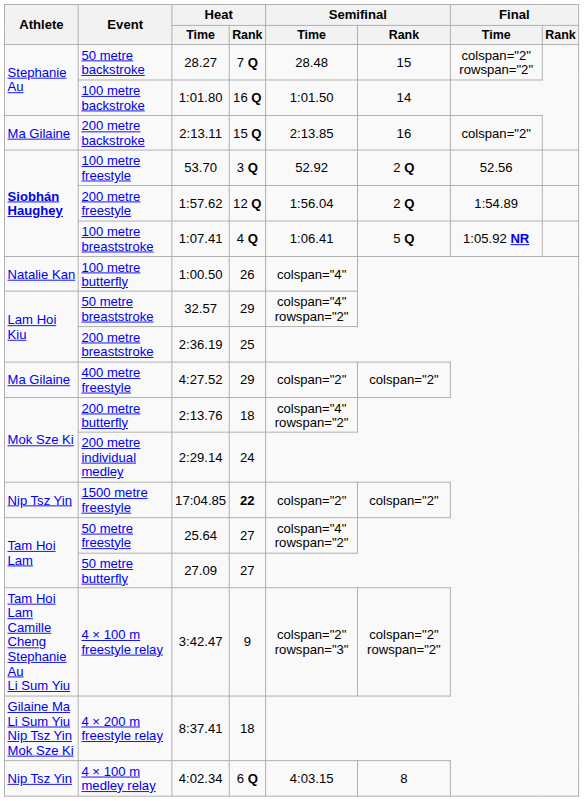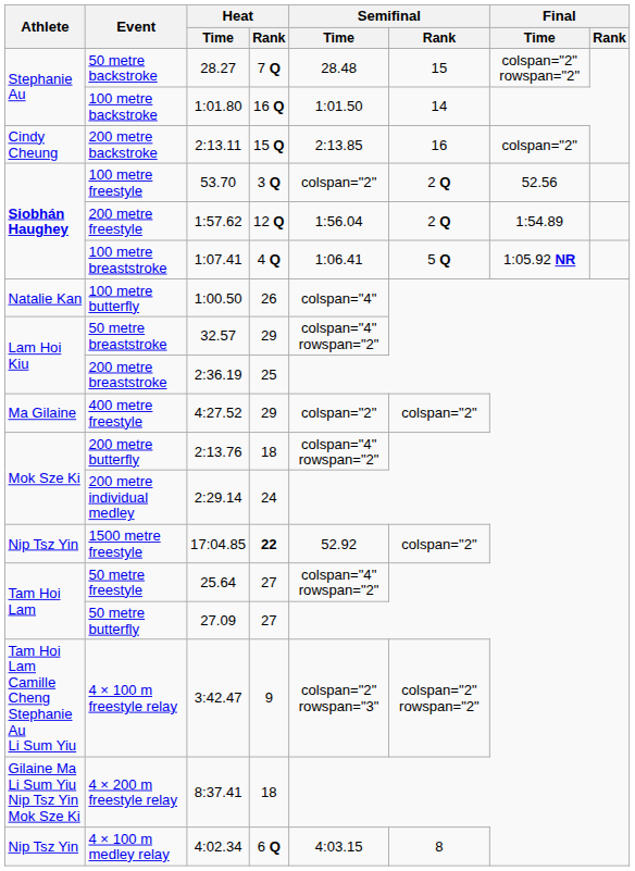 <table class="wikitable" style="text-align:center; font-size:90%; width:50%;">
 <tr>
 <th rowspan="2">Athlete</th>
 <th rowspan="2">Event</th>
 <th colspan="2">Heat</th>
 <th colspan="2">Semifinal</th>
 <th colspan="2">Final</th>
 </tr>
 <tr style="font-size:95%">
 <th>Time</th>
 <th>Rank</th>
 <th>Time</th>
 <th>Rank</th>
 <th>Time</th>
 <th>Rank</th>
 </tr>
 <tr align=center>
 <td align=left rowspan="2"><a href='#'>Stephanie Au</a></td>
 <td align=left><a href='#'>50 metre backstroke</a></td>
 <td>28.27</td>
 <td>7 <strong>Q</strong></td>
 <td>28.48</td>
 <td>15</td>
 <td>colspan="2" rowspan="2" </td>
 </tr>
 <tr align=center>
 <td align=left><a href='#'>100 metre backstroke</a></td>
 <td>1:01.80</td>
 <td>16 <strong>Q</strong></td>
 <td>1:01.50</td>
 <td>14</td>
 </tr>
 <tr align=center>
-<td align=left><a href='#'>Ma Gilaine</a></td>
+<td align=left><a href='#'>Cindy Cheung</a></td>
 <td align=left><a href='#'>200 metre backstroke</a></td>
 <td>2:13.11</td>
 <td>15 <strong>Q</strong></td>
 <td>2:13.85</td>
 <td>16</td>
 <td>colspan="2" </td>
 </tr>
 <tr align=center>
 <td align=left rowspan=3><strong><a href='#'>Siobhán Haughey</a></strong></td>
 <td align=left><a href='#'>100 metre freestyle</a></td>
 <td>53.70</td>
 <td>3 <strong>Q</strong></td>
-<td>52.92</td>
+<td>colspan="2" </td>
 <td>2 <strong>Q</strong></td>
 <td>52.56</td>
 <td></td>
 </tr>
 <tr align=center>
 <td align=left><a href='#'>200 metre freestyle</a></td>
 <td>1:57.62</td>
 <td>12 <strong>Q</strong></td>
 <td>1:56.04</td>
 <td>2 <strong>Q</strong></td>
 <td>1:54.89</td>
 <td></td>
 </tr>
 <tr align=center>
 <td align=left><a href='#'>100 metre breaststroke</a></td>
 <td>1:07.41</td>
 <td>4 <strong>Q</strong></td>
 <td>1:06.41</td>
 <td>5 <strong>Q</strong></td>
 <td>1:05.92  <strong><a href='#'>NR</a></strong></td>
 <td></td>
 </tr>
 <tr align=center>
 <td align=left><a href='#'>Natalie Kan</a></td>
 <td align=left><a href='#'>100 metre butterfly</a></td>
 <td>1:00.50</td>
 <td>26</td>
 <td>colspan="4" </td>
 </tr>
 <tr align=center>
 <td align=left rowspan="2"><a href='#'>Lam Hoi Kiu</a></td>
 <td align=left><a href='#'>50 metre breaststroke</a></td>
 <td>32.57</td>
 <td>29</td>
 <td>colspan="4" rowspan="2" </td>
 </tr>
 <tr align=center>
 <td align=left><a href='#'>200 metre breaststroke</a></td>
 <td>2:36.19</td>
 <td>25</td>
 </tr>
 <tr align=center>
 <td align=left><a href='#'>Ma Gilaine</a></td>
 <td align=left><a href='#'>400 metre freestyle</a></td>
 <td>4:27.52</td>
 <td>29</td>
 <td>colspan="2" </td>
 <td>colspan="2" </td>
 </tr>
 <tr align=center>
 <td align=left rowspan="2"><a href='#'>Mok Sze Ki</a></td>
 <td align=left><a href='#'>200 metre butterfly</a></td>
 <td>2:13.76</td>
 <td>18</td>
 <td>colspan="4" rowspan="2" </td>
 </tr>
 <tr align=center>
 <td align=left><a href='#'>200 metre individual medley</a></td>
 <td>2:29.14</td>
 <td>24</td>
 </tr>
 <tr align=center>
 <td align=left><a href='#'>Nip Tsz Yin</a></td>
 <td align=left><a href='#'>1500 metre freestyle</a></td>
 <td>17:04.85</td>
 <td><strong>22</strong></td>
-<td>colspan="2" </td>
+<td>52.92</td>
 <td>colspan="2" </td>
 </tr>
 <tr align=center>
 <td align=left rowspan="2"><a href='#'>Tam Hoi Lam</a></td>
 <td align=left><a href='#'>50 metre freestyle</a></td>
 <td>25.64</td>
 <td>27</td>
 <td>colspan="4" rowspan="2" </td>
 </tr>
 <tr align=center>
 <td align=left><a href='#'>50 metre butterfly</a></td>
 <td>27.09</td>
 <td>27</td>
 </tr>
 <tr>
 <td align=left><a href='#'>Tam Hoi Lam</a> <br><a href='#'>Camille Cheng</a> <br><a href='#'>Stephanie Au</a> <br><a href='#'>Li Sum Yiu</a></td>
 <td align=left><a href='#'>4 × 100 m freestyle relay</a></td>
 <td>3:42.47</td>
 <td>9</td>
 <td>colspan="2" rowspan="3" </td>
 <td>colspan="2"  rowspan="2"</td>
 </tr>
 <tr>
 <td align=left><a href='#'>Gilaine Ma</a> <br><a href='#'>Li Sum Yiu</a> <br><a href='#'>Nip Tsz Yin</a> <br><a href='#'>Mok Sze Ki</a></td>
 <td align=left><a href='#'>4 × 200 m freestyle relay</a></td>
 <td>8:37.41</td>
 <td>18</td>
 </tr>
 <tr>
 <td align=left><a href='#'>Nip Tsz Yin</a></td>
 <td align=left><a href='#'>4 × 100 m medley relay</a></td>
 <td>4:02.34</td>
 <td>6 <strong>Q</strong></td>
 <td>4:03.15</td>
 <td>8</td>
 </tr>
 </table>
